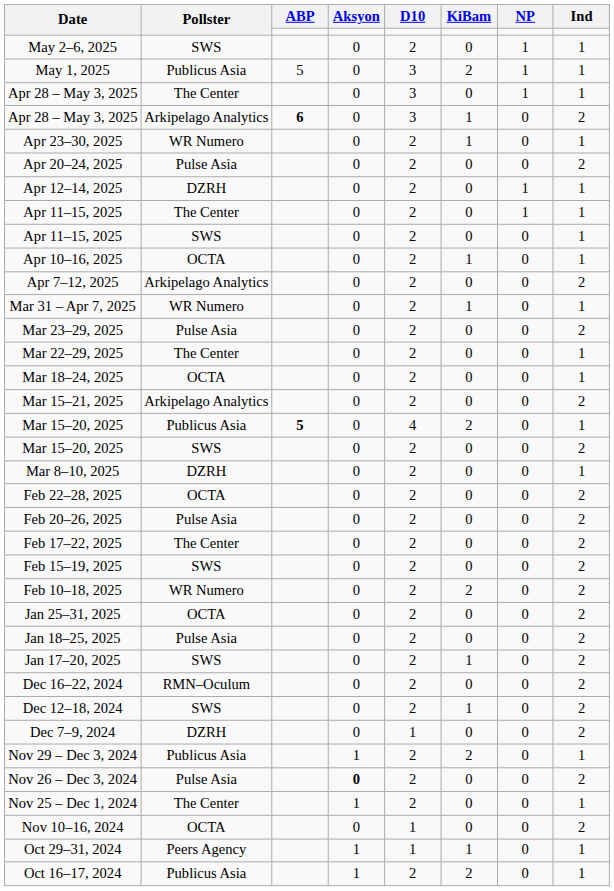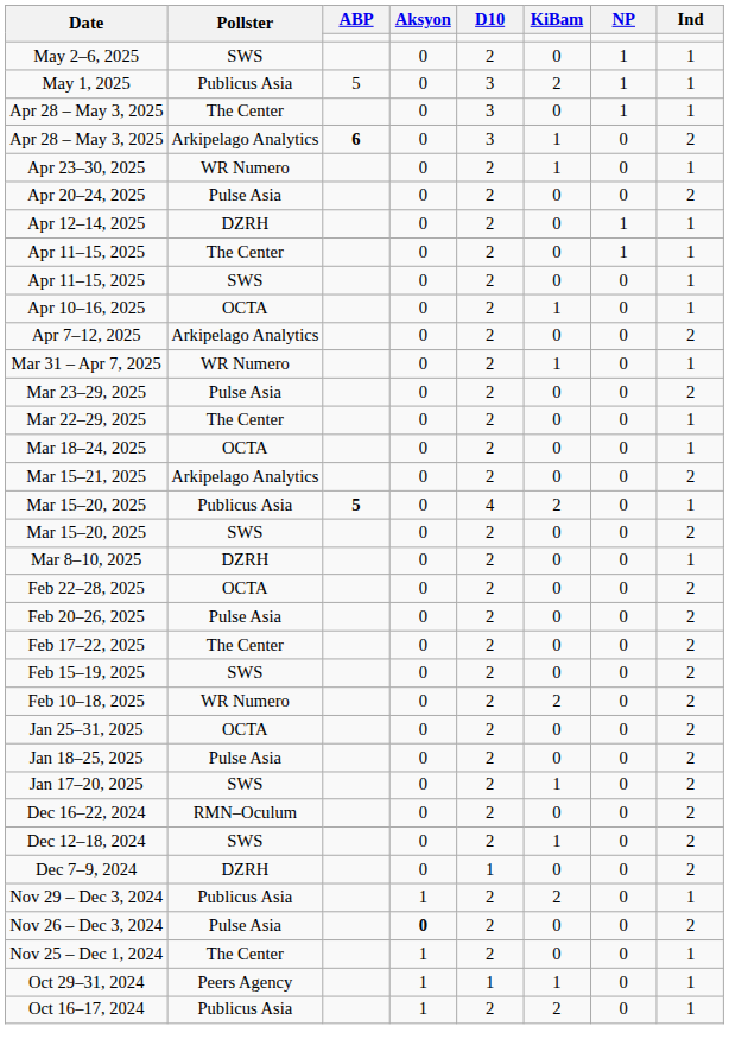 <table class="wikitable" style="font-size:92%; text-align:center;">
 <tr>
 <th rowspan="2">Date</th>
 <th rowspan="2">Pollster</th>
 <th width=50px><a href='#'>ABP</a></th>
 <th width=50px><a href='#'>Aksyon</a></th>
 <th width=50px><a href='#'>D10</a></th>
 <th width=50px><a href='#'>KiBam</a></th>
 <th width=50px><a href='#'>NP</a></th>
 <th width=50px>Ind</th>
 </tr>
 <tr>
 <td></td>
 <td></td>
 <td></td>
 <td></td>
 <td></td>
 <td></td>
 </tr>
 <tr>
 <td>May 2–6, 2025</td>
 <td>SWS</td>
 <td bgcolor=><strong></strong></td>
 <td>0</td>
 <td>2</td>
 <td>0</td>
 <td>1</td>
 <td>1</td>
 </tr>
 <tr>
 <td>May 1, 2025</td>
 <td>Publicus Asia</td>
 <td>5</td>
 <td>0</td>
 <td>3</td>
 <td>2</td>
 <td>1</td>
 <td>1</td>
 </tr>
 <tr>
 <td>Apr 28 – May 3, 2025</td>
 <td>The Center</td>
 <td bgcolor=><strong></strong></td>
 <td>0</td>
 <td>3</td>
 <td>0</td>
 <td>1</td>
 <td>1</td>
 </tr>
 <tr>
 <td>Apr 28 – May 3, 2025</td>
 <td>Arkipelago Analytics</td>
 <td><strong>6</strong></td>
 <td>0</td>
 <td>3</td>
 <td>1</td>
 <td>0</td>
 <td>2</td>
 </tr>
 <tr>
 <td>Apr 23–30, 2025</td>
 <td>WR Numero</td>
 <td><strong></strong></td>
 <td>0</td>
 <td>2</td>
 <td>1</td>
 <td>0</td>
 <td>1</td>
 </tr>
 <tr>
 <td>Apr 20–24, 2025</td>
 <td>Pulse Asia</td>
 <td><strong></strong></td>
 <td>0</td>
 <td>2</td>
 <td>0</td>
 <td>0</td>
 <td>2</td>
 </tr>
 <tr>
 <td>Apr 12–14, 2025</td>
 <td>DZRH</td>
 <td bgcolor=><strong></strong></td>
 <td>0</td>
 <td>2</td>
 <td>0</td>
 <td>1</td>
 <td>1</td>
 </tr>
 <tr>
 <td>Apr 11–15, 2025</td>
 <td>The Center</td>
 <td bgcolor=><strong></strong></td>
 <td>0</td>
 <td>2</td>
 <td>0</td>
 <td>1</td>
 <td>1</td>
 </tr>
 <tr>
 <td>Apr 11–15, 2025</td>
 <td>SWS</td>
 <td bgcolor=><strong></strong></td>
 <td>0</td>
 <td>2</td>
 <td>0</td>
 <td>0</td>
 <td>1</td>
 </tr>
 <tr>
 <td>Apr 10–16, 2025</td>
 <td>OCTA</td>
 <td bgcolor=><strong></strong></td>
 <td>0</td>
 <td>2</td>
 <td>1</td>
 <td>0</td>
 <td>1</td>
 </tr>
 <tr>
 <td>Apr 7–12, 2025</td>
 <td>Arkipelago Analytics</td>
 <td bgcolor=><strong></strong></td>
 <td>0</td>
 <td>2</td>
 <td>0</td>
 <td>0</td>
 <td>2</td>
 </tr>
 <tr>
 <td>Mar 31 – Apr 7, 2025</td>
 <td>WR Numero</td>
 <td bgcolor=><strong></strong></td>
 <td>0</td>
 <td>2</td>
 <td>1</td>
 <td>0</td>
 <td>1</td>
 </tr>
 <tr>
 <td>Mar 23–29, 2025</td>
 <td>Pulse Asia</td>
 <td bgcolor=><strong></strong></td>
 <td>0</td>
 <td>2</td>
 <td>0</td>
 <td>0</td>
 <td>2</td>
 </tr>
 <tr>
 <td>Mar 22–29, 2025</td>
 <td>The Center</td>
 <td bgcolor=><strong></strong></td>
 <td>0</td>
 <td>2</td>
 <td>0</td>
 <td>0</td>
 <td>1</td>
 </tr>
 <tr>
 <td>Mar 18–24, 2025</td>
 <td>OCTA</td>
 <td bgcolor=><strong></strong></td>
 <td>0</td>
 <td>2</td>
 <td>0</td>
 <td>0</td>
 <td>1</td>
 </tr>
 <tr>
 <td>Mar 15–21, 2025</td>
 <td>Arkipelago Analytics</td>
 <td bgcolor=><strong></strong></td>
 <td>0</td>
 <td>2</td>
 <td>0</td>
 <td>0</td>
 <td>2</td>
 </tr>
 <tr>
 <td>Mar 15–20, 2025</td>
 <td>Publicus Asia</td>
 <td><strong>5</strong></td>
 <td>0</td>
 <td>4</td>
 <td>2</td>
 <td>0</td>
 <td>1</td>
 </tr>
 <tr>
 <td>Mar 15–20, 2025</td>
 <td>SWS</td>
 <td bgcolor=><strong></strong></td>
 <td>0</td>
 <td>2</td>
 <td>0</td>
 <td>0</td>
 <td>2</td>
 </tr>
 <tr>
 <td>Mar 8–10, 2025</td>
 <td>DZRH</td>
 <td bgcolor=><strong></strong></td>
 <td>0</td>
 <td>2</td>
 <td>0</td>
 <td>0</td>
 <td>1</td>
 </tr>
 <tr>
 <td>Feb 22–28, 2025</td>
 <td>OCTA</td>
 <td bgcolor=><strong></strong></td>
 <td>0</td>
 <td>2</td>
 <td>0</td>
 <td>0</td>
 <td>2</td>
 </tr>
 <tr>
 <td>Feb 20–26, 2025</td>
 <td>Pulse Asia</td>
 <td bgcolor=><strong></strong></td>
 <td>0</td>
 <td>2</td>
 <td>0</td>
 <td>0</td>
 <td>2</td>
 </tr>
 <tr>
 <td>Feb 17–22, 2025</td>
 <td>The Center</td>
 <td bgcolor=><strong></strong></td>
 <td>0</td>
 <td>2</td>
 <td>0</td>
 <td>0</td>
 <td>2</td>
 </tr>
 <tr>
 <td>Feb 15–19, 2025</td>
 <td>SWS</td>
 <td bgcolor=><strong></strong></td>
 <td>0</td>
 <td>2</td>
 <td>0</td>
 <td>0</td>
 <td>2</td>
 </tr>
 <tr>
 <td>Feb 10–18, 2025</td>
 <td>WR Numero</td>
 <td bgcolor=><strong></strong></td>
 <td>0</td>
 <td>2</td>
 <td>2</td>
 <td>0</td>
 <td>2</td>
 </tr>
 <tr>
 <td>Jan 25–31, 2025</td>
 <td>OCTA</td>
 <td bgcolor=><strong></strong></td>
 <td>0</td>
 <td>2</td>
 <td>0</td>
 <td>0</td>
 <td>2</td>
 </tr>
 <tr>
 <td>Jan 18–25, 2025</td>
 <td>Pulse Asia</td>
 <td bgcolor=><strong></strong></td>
 <td>0</td>
 <td>2</td>
 <td>0</td>
 <td>0</td>
 <td>2</td>
 </tr>
 <tr>
 <td>Jan 17–20, 2025</td>
 <td>SWS</td>
 <td bgcolor=><strong></strong></td>
 <td>0</td>
 <td>2</td>
 <td>1</td>
 <td>0</td>
 <td>2</td>
 </tr>
 <tr>
 <td>Dec 16–22, 2024</td>
 <td>RMN–Oculum</td>
 <td bgcolor=><strong></strong></td>
 <td>0</td>
 <td>2</td>
 <td>0</td>
 <td>0</td>
 <td>2</td>
 </tr>
 <tr>
 <td>Dec 12–18, 2024</td>
 <td>SWS</td>
 <td bgcolor=><strong></strong></td>
 <td>0</td>
 <td>2</td>
 <td>1</td>
 <td>0</td>
 <td>2</td>
 </tr>
 <tr>
 <td>Dec 7–9, 2024</td>
 <td>DZRH</td>
 <td bgcolor=><strong></strong></td>
 <td>0</td>
 <td>1</td>
 <td>0</td>
 <td>0</td>
 <td>2</td>
 </tr>
 <tr>
 <td>Nov 29 – Dec 3, 2024</td>
 <td>Publicus Asia</td>
 <td bgcolor=><strong></strong></td>
 <td>1</td>
 <td>2</td>
 <td>2</td>
 <td>0</td>
 <td>1</td>
 </tr>
 <tr>
 <td>Nov 26 – Dec 3, 2024</td>
 <td>Pulse Asia</td>
 <td bgcolor=><strong></strong></td>
 <td><strong>0</strong></td>
 <td>2</td>
 <td>0</td>
 <td>0</td>
 <td>2</td>
 </tr>
 <tr>
 <td>Nov 25 – Dec 1, 2024</td>
 <td>The Center</td>
 <td bgcolor=><strong></strong></td>
 <td>1</td>
 <td>2</td>
 <td>0</td>
 <td>0</td>
 <td>1</td>
 </tr>
 <tr>
-<td>Nov 10–16, 2024</td>
-<td>OCTA</td>
-<td bgcolor=><strong></strong></td>
-<td>0</td>
-<td>1</td>
-<td>0</td>
-<td>0</td>
-<td>2</td>
-</tr>
-<tr>
 <td>Oct 29–31, 2024</td>
 <td>Peers Agency</td>
 <td bgcolor=><strong></strong></td>
 <td>1</td>
 <td>1</td>
 <td>1</td>
 <td>0</td>
 <td>1</td>
 </tr>
 <tr>
 <td>Oct 16–17, 2024</td>
 <td>Publicus Asia</td>
 <td bgcolor=><strong></strong></td>
 <td>1</td>
 <td>2</td>
 <td>2</td>
 <td>0</td>
 <td>1</td>
 </tr>
 </table>
